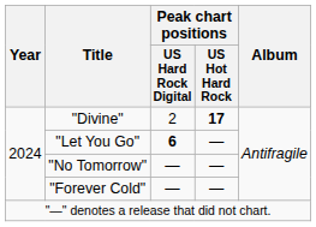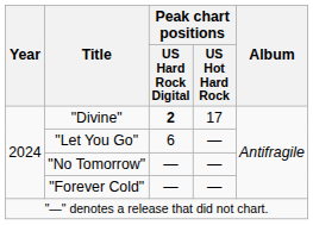 <table class="wikitable plainrowheaders" style="text-align:center;">
 <tr>
 <th scope="col" rowspan="2">Year</th>
 <th scope="col" rowspan="2">Title</th>
 <th scope="col" colspan="2">Peak chart positions</th>
 <th scope="col" rowspan="2">Album</th>
 </tr>
 <tr>
 <th scope="col" style="width:3em;font-size:85%;">US Hard Rock Digital</th>
 <th scope="col" style="width:3em;font-size:85%;">US Hot Hard Rock</th>
 </tr>
 <tr>
 <td rowspan="4">2024</td>
 <td>"Divine"</td>
-<td>2</td>
-<td><strong>17</strong></td>
+<td><strong>2</strong></td>
+<td>17</td>
 <td rowspan="4"><em>Antifragile</em></td>
 </tr>
 <tr>
 <td>"Let You Go"</td>
-<td><strong>6</strong></td>
+<td>6</td>
 <td>—</td>
 </tr>
 <tr>
 <td>"No Tomorrow"</td>
 <td>—</td>
 <td>—</td>
 </tr>
 <tr>
 <td>"Forever Cold"</td>
 <td>—</td>
 <td>—</td>
 </tr>
 <tr>
 <td colspan="7" style="text-align:center; font-size:85%">"—" denotes a release that did not chart.</td>
 </tr>
 </table>
